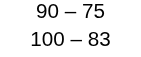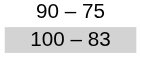 <table style="text-align:center;">
 <tr>
 <th width=200></th>
 <th width=100></th>
 <th width=200></th>
 <th></th>
 </tr>
 <tr>
 <td align=right><strong></strong></td>
 <td>90 – 75</td>
 <td align=left></td>
 </tr>
 <tr>
 <td align=right><strong></strong></td>
-<td>100 – 83</td>
+<td style="background: lightgrey;">100 – 83</td>
 <td align=left></td>
 </tr>
 </table>
